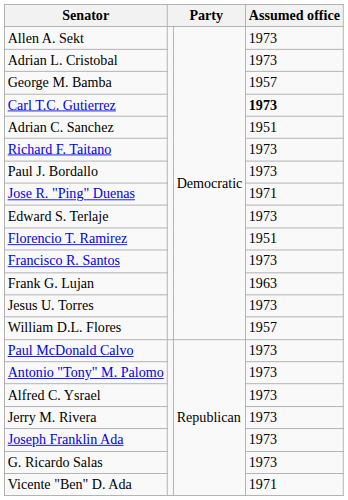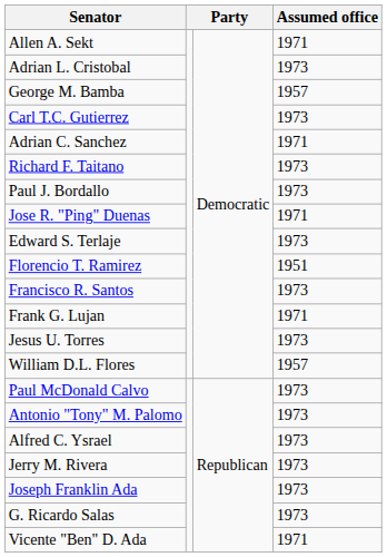 <table class="wikitable sortable" id="votingmembers">
 <tr style="vertical-align:bottom;">
 <th>Senator</th>
 <th colspan=2>Party</th>
 <th>Assumed office</th>
 </tr>
 <tr>
 <td>Allen A. Sekt</td>
 <td rowspan="14" style="background-color:"></td>
 <td rowspan="14">Democratic</td>
-<td>1973</td>
+<td>1971</td>
 </tr>
 <tr>
 <td>Adrian L. Cristobal</td>
 <td>1973</td>
 </tr>
 <tr>
 <td>George M. Bamba</td>
 <td>1957</td>
 </tr>
 <tr>
 <td><a href='#'>Carl T.C. Gutierrez</a></td>
-<td><strong>1973</strong></td>
+<td>1973</td>
 </tr>
 <tr>
 <td>Adrian C. Sanchez</td>
-<td>1951</td>
+<td>1971</td>
 </tr>
 <tr>
 <td><a href='#'>Richard F. Taitano</a></td>
 <td>1973</td>
 </tr>
 <tr>
 <td>Paul J. Bordallo</td>
 <td>1973</td>
 </tr>
 <tr>
 <td><a href='#'>Jose R. "Ping" Duenas</a></td>
 <td>1971</td>
 </tr>
 <tr>
 <td>Edward S. Terlaje</td>
 <td>1973</td>
 </tr>
 <tr>
 <td><a href='#'>Florencio T. Ramirez</a></td>
 <td>1951</td>
 </tr>
 <tr>
 <td><a href='#'>Francisco R. Santos</a></td>
 <td>1973</td>
 </tr>
 <tr>
 <td>Frank G. Lujan</td>
-<td>1963</td>
+<td>1971</td>
 </tr>
 <tr>
 <td>Jesus U. Torres</td>
 <td>1973</td>
 </tr>
 <tr>
 <td>William D.L. Flores</td>
 <td>1957</td>
 </tr>
 <tr>
 <td><a href='#'>Paul McDonald Calvo</a></td>
 <td rowspan="7" style="background-color:"></td>
 <td rowspan="7">Republican</td>
 <td>1973</td>
 </tr>
 <tr>
 <td><a href='#'>Antonio "Tony" M. Palomo</a></td>
 <td>1973</td>
 </tr>
 <tr>
 <td>Alfred C. Ysrael</td>
 <td>1973</td>
 </tr>
 <tr>
 <td>Jerry M. Rivera</td>
 <td>1973</td>
 </tr>
 <tr>
 <td><a href='#'>Joseph Franklin Ada</a></td>
 <td>1973</td>
 </tr>
 <tr>
 <td>G. Ricardo Salas</td>
 <td>1973</td>
 </tr>
 <tr>
 <td>Vicente "Ben" D. Ada</td>
 <td>1971</td>
 </tr>
 </table>
